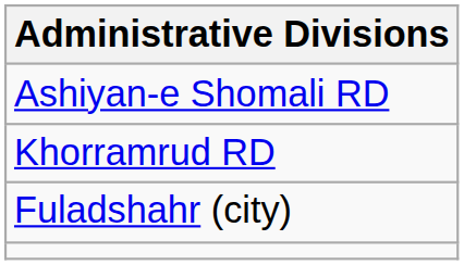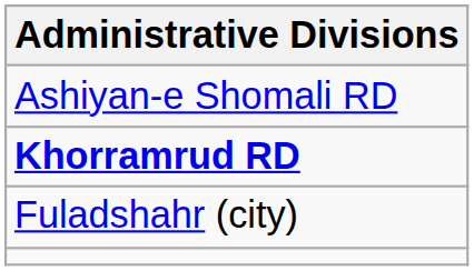 <table class="wikitable">
 <tr>
 <th>Administrative Divisions</th>
 </tr>
 <tr>
 <td><a href='#'>Ashiyan-e Shomali RD</a></td>
 </tr>
 <tr>
-<td><a href='#'>Khorramrud RD</a></td>
+<td><strong><a href='#'>Khorramrud RD</a></strong></td>
 </tr>
 <tr>
 <td><a href='#'>Fuladshahr</a> (city)</td>
 </tr>
 <tr>
 <td colspan=1></td>
 </tr>
 </table>
